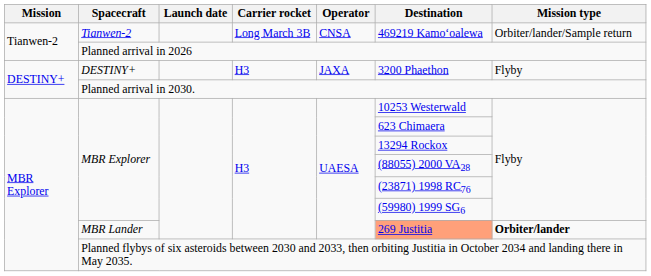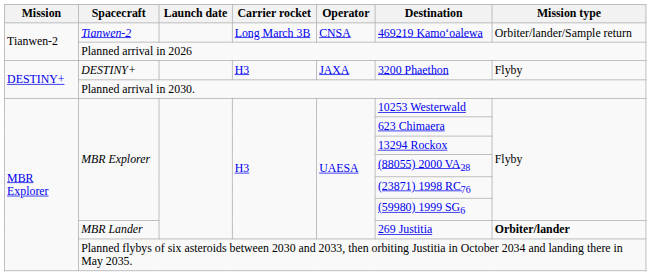 <table class="wikitable sortable sticky-header">
 <tr>
 <th>Mission</th>
 <th>Spacecraft</th>
 <th>Launch date</th>
 <th>Carrier rocket</th>
 <th>Operator</th>
 <th>Destination</th>
 <th>Mission type</th>
 </tr>
 <tr>
 <td rowspan="2">Tianwen-2</td>
 <td><em><a href='#'>Tianwen-2</a></em></td>
 <td></td>
 <td><a href='#'>Long March 3B</a></td>
 <td> <a href='#'>CNSA</a></td>
 <td><a href='#'>469219 Kamoʻoalewa</a></td>
 <td>Orbiter/lander/Sample return</td>
 </tr>
 <tr>
 <td colspan="6">Planned arrival in 2026</td>
 </tr>
 <tr>
 <td rowspan="2"><a href='#'>DESTINY+</a></td>
 <td><em>DESTINY+</em></td>
 <td></td>
 <td><a href='#'>H3</a></td>
 <td> <a href='#'>JAXA</a></td>
 <td><a href='#'>3200 Phaethon</a></td>
 <td>Flyby</td>
 </tr>
 <tr>
 <td colspan="6">Planned arrival in 2030.</td>
 </tr>
 <tr>
 <td rowspan="8"><a href='#'>MBR Explorer</a></td>
 <td rowspan="6"><em>MBR Explorer</em></td>
 <td rowspan="7"></td>
 <td rowspan="7"><a href='#'>H3</a></td>
 <td rowspan="7"> <a href='#'>UAESA</a></td>
 <td><a href='#'>10253 Westerwald</a></td>
 <td rowspan="6">Flyby</td>
 </tr>
 <tr>
 <td><a href='#'>623 Chimaera</a></td>
 </tr>
 <tr>
 <td><a href='#'>13294 Rockox</a></td>
 </tr>
 <tr>
 <td><a href='#'>(88055) 2000 VA<sub>28</sub></a></td>
 </tr>
 <tr>
 <td><a href='#'>(23871) 1998 RC<sub>76</sub></a></td>
 </tr>
 <tr>
 <td><a href='#'>(59980) 1999 SG<sub>6</sub></a></td>
 </tr>
 <tr>
 <td><em>MBR Lander</em></td>
-<td style="background: lightsalmon;"><a href='#'>269 Justitia</a></td>
+<td><a href='#'>269 Justitia</a></td>
 <td><strong>Orbiter/lander</strong></td>
 </tr>
 <tr>
 <td colspan="6">Planned flybys of six asteroids between 2030 and 2033, then orbiting Justitia in October 2034 and landing there in May 2035.</td>
 </tr>
 </table>
